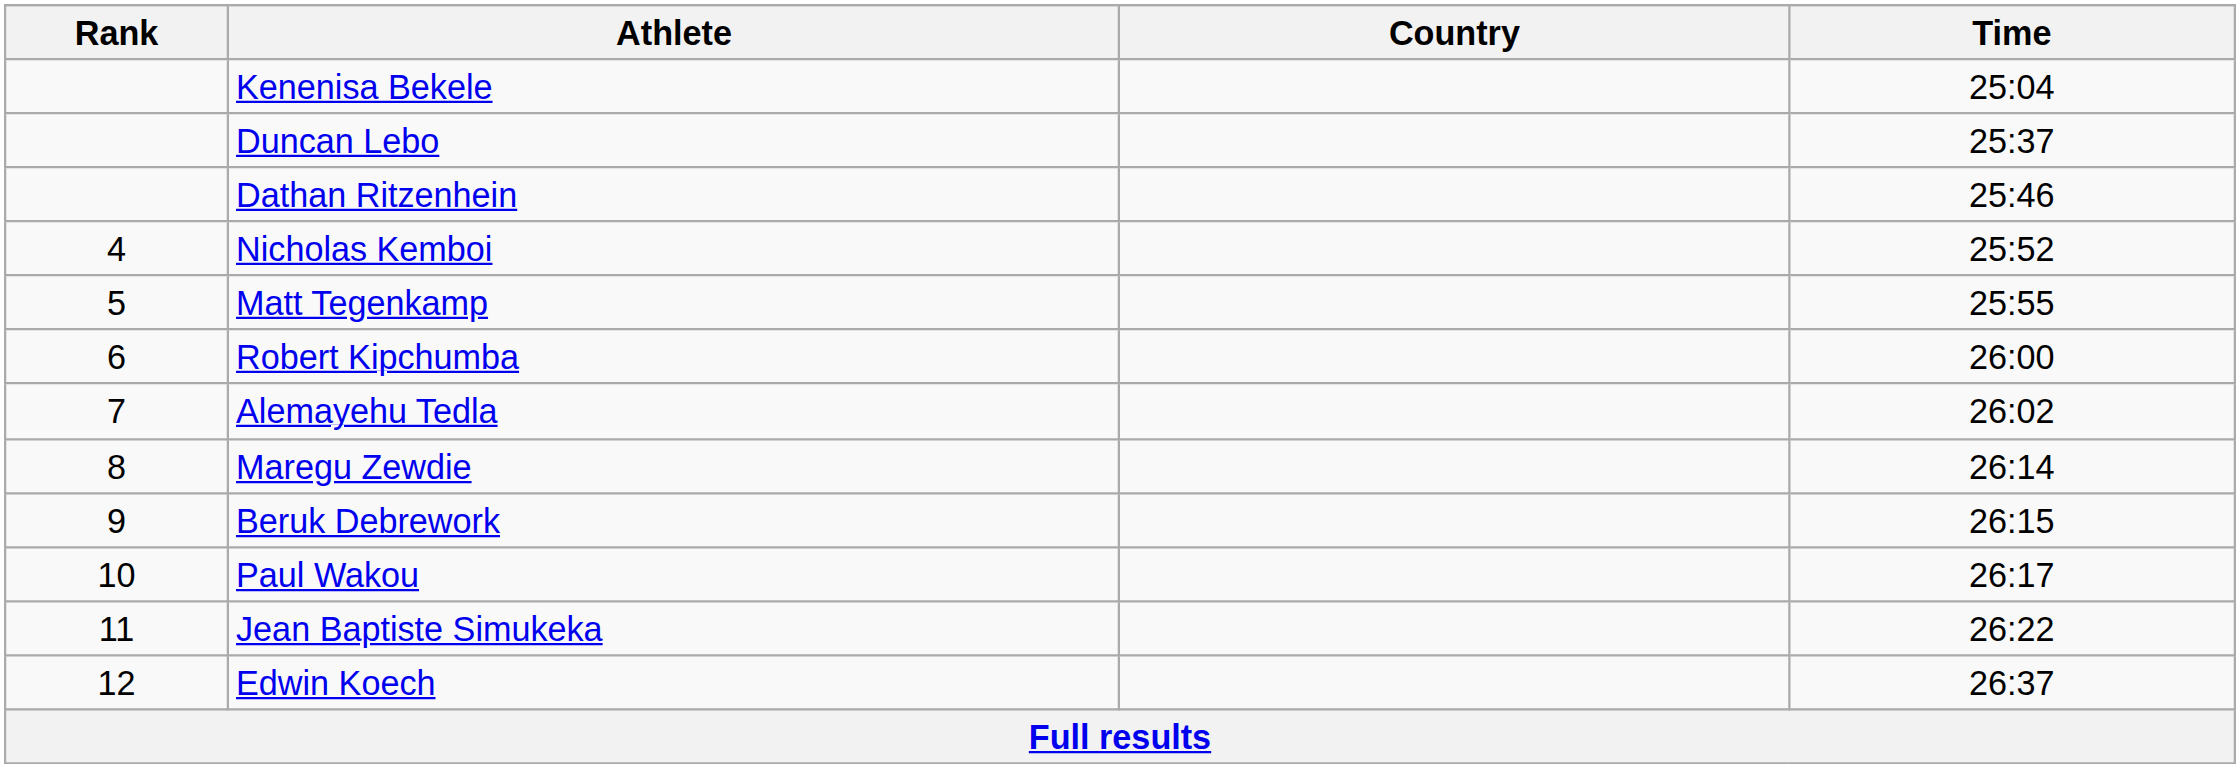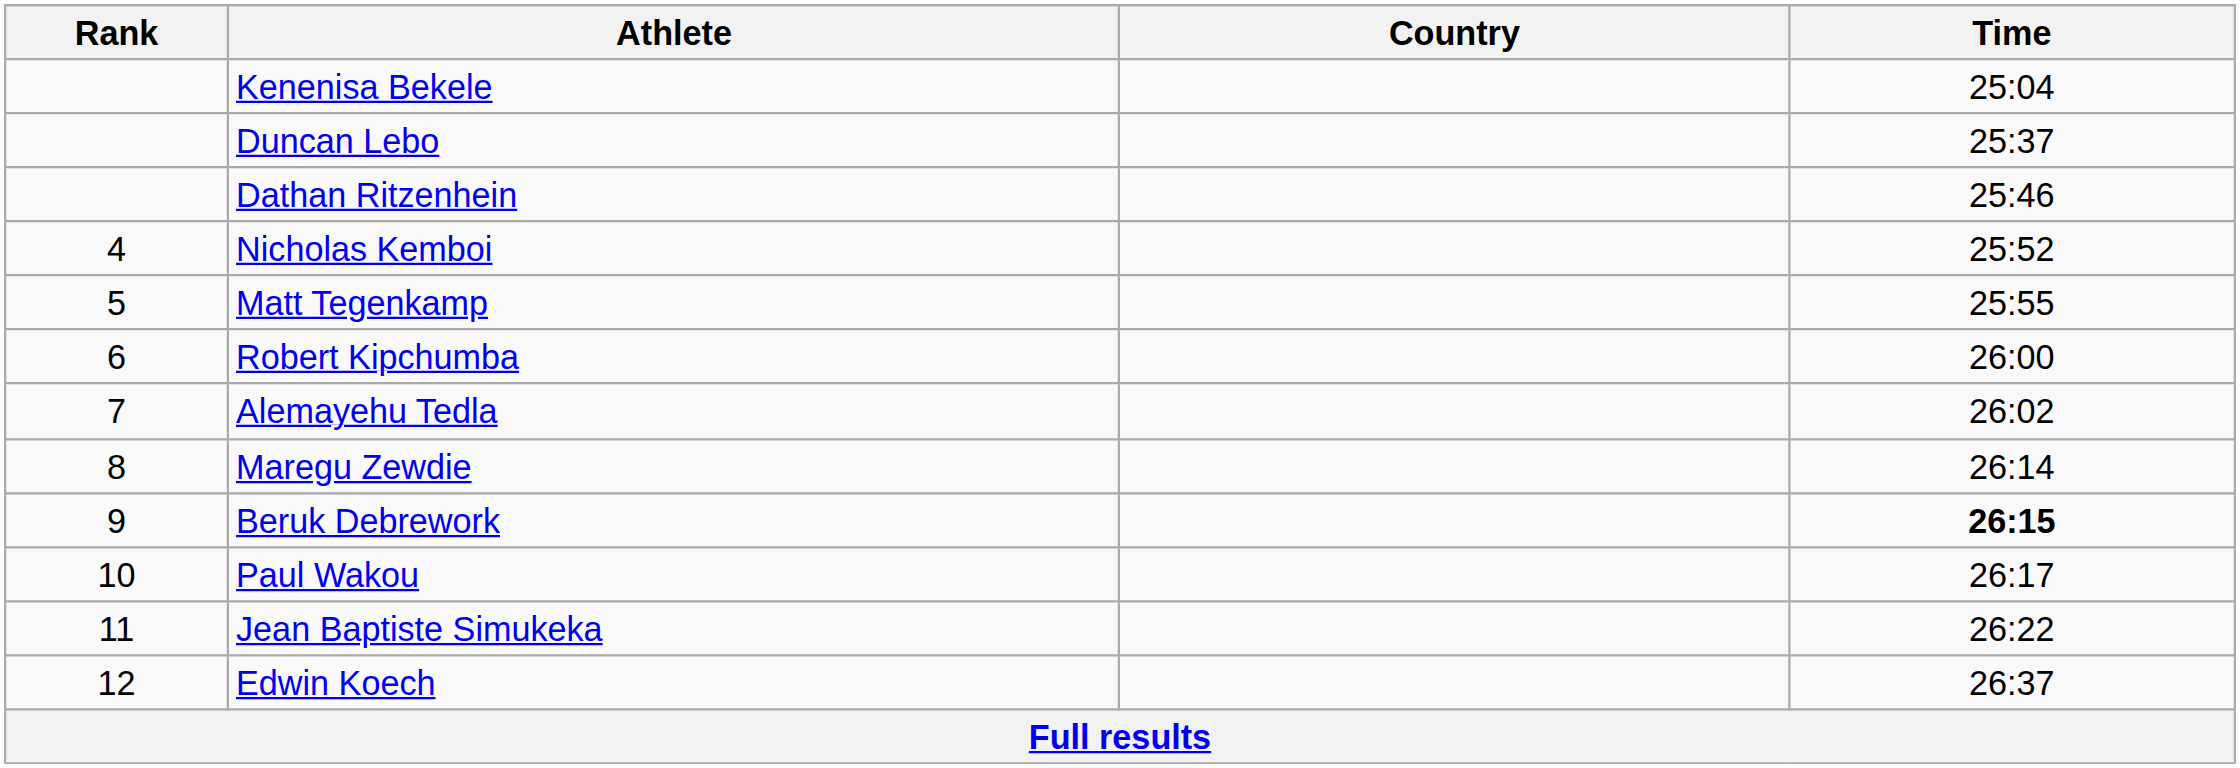 <table class="wikitable sortable" style=" text-align:center; font-size:95%;" width="50%">
 <tr>
 </tr>
 <tr>
 <th width=5%>Rank</th>
 <th width=20%>Athlete</th>
 <th width=15%>Country</th>
 <th width=10%>Time</th>
 </tr>
 <tr>
 <td align=center></td>
 <td align=left><a href='#'>Kenenisa Bekele</a></td>
 <td align=left></td>
 <td>25:04</td>
 </tr>
 <tr>
 <td align=center></td>
 <td align=left><a href='#'>Duncan Lebo</a></td>
 <td align=left></td>
 <td>25:37</td>
 </tr>
 <tr>
 <td align=center></td>
 <td align=left><a href='#'>Dathan Ritzenhein</a></td>
 <td align=left></td>
 <td>25:46</td>
 </tr>
 <tr>
 <td align=center>4</td>
 <td align=left><a href='#'>Nicholas Kemboi</a></td>
 <td align=left></td>
 <td>25:52</td>
 </tr>
 <tr>
 <td align=center>5</td>
 <td align=left><a href='#'>Matt Tegenkamp</a></td>
 <td align=left></td>
 <td>25:55</td>
 </tr>
 <tr>
 <td align=center>6</td>
 <td align=left><a href='#'>Robert Kipchumba</a></td>
 <td align=left></td>
 <td>26:00</td>
 </tr>
 <tr>
 <td align=center>7</td>
 <td align=left><a href='#'>Alemayehu Tedla</a></td>
 <td align=left></td>
 <td>26:02</td>
 </tr>
 <tr>
 <td align=center>8</td>
 <td align=left><a href='#'>Maregu Zewdie</a></td>
 <td align=left></td>
 <td>26:14</td>
 </tr>
 <tr>
 <td align=center>9</td>
 <td align=left><a href='#'>Beruk Debrework</a></td>
 <td align=left></td>
-<td>26:15</td>
+<td><strong>26:15</strong></td>
 </tr>
 <tr>
 <td align=center>10</td>
 <td align=left><a href='#'>Paul Wakou</a></td>
 <td align=left></td>
 <td>26:17</td>
 </tr>
 <tr>
 <td align=center>11</td>
 <td align=left><a href='#'>Jean Baptiste Simukeka</a></td>
 <td align=left></td>
 <td>26:22</td>
 </tr>
 <tr>
 <td align=center>12</td>
 <td align=left><a href='#'>Edwin Koech</a></td>
 <td align=left></td>
 <td>26:37</td>
 </tr>
 <tr class="sortbottom">
 <th colspan=4 align=center><a href='#'>Full results</a></th>
 </tr>
 </table>
